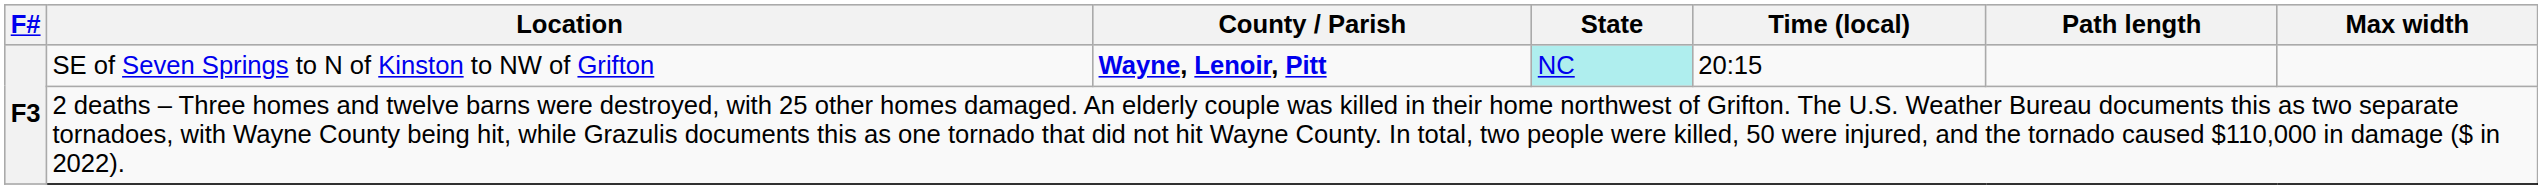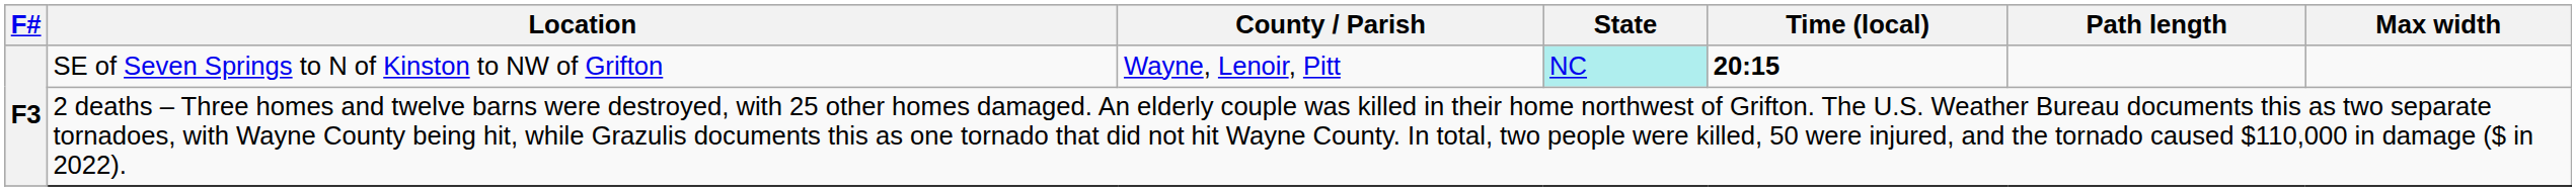 <table class="wikitable sortable" style="width:100%;">
 <tr>
 <th scope="col" align="center"><a href='#'>F#</a><br></th>
 <th scope="col" align="center" class="unsortable">Location</th>
 <th scope="col" align="center" class="unsortable">County / Parish</th>
 <th scope="col" align="center">State</th>
 <th scope="col" align="center">Time (local)</th>
 <th scope="col" align="center">Path length</th>
 <th scope="col" align="center">Max width</th>
 </tr>
 <tr>
 <th scope="row" rowspan="2" style="background-color:#">F3</th>
 <td>SE of <a href='#'>Seven Springs</a> to N of <a href='#'>Kinston</a> to NW of <a href='#'>Grifton</a></td>
-<td><strong><a href='#'>Wayne</a>, <a href='#'>Lenoir</a>, <a href='#'>Pitt</a></strong></td>
+<td><a href='#'>Wayne</a>, <a href='#'>Lenoir</a>, <a href='#'>Pitt</a></td>
 <td style="background: paleturquoise;"><a href='#'>NC</a></td>
-<td>20:15</td>
+<td><strong>20:15</strong></td>
 <td></td>
 <td></td>
 </tr>
 <tr class="expand-child">
 <td colspan="6" style="border-bottom: 1px solid black;">2 deaths – Three homes and twelve barns were destroyed, with 25 other homes damaged. An elderly couple was killed in their home northwest of Grifton. The U.S. Weather Bureau documents this as two separate tornadoes, with Wayne County being hit, while Grazulis documents this as one tornado that did not hit Wayne County. In total, two people were killed, 50 were injured, and the tornado caused $110,000 in damage ($ in 2022).</td>
 </tr>
 </table>
